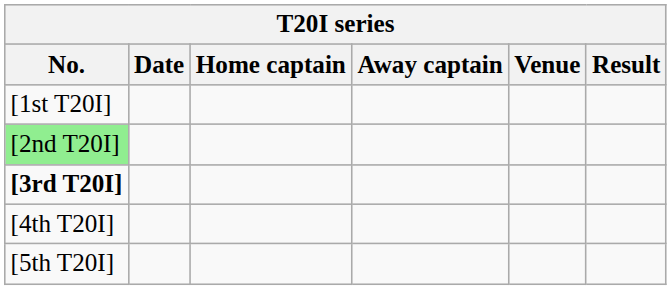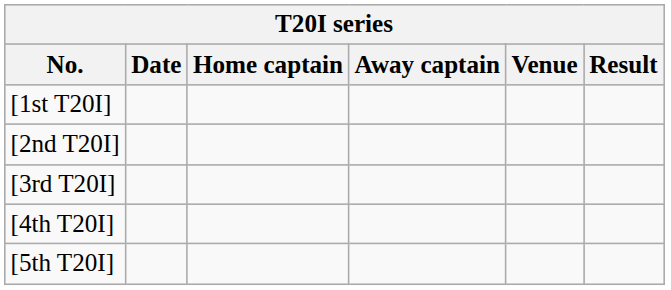 <table class="wikitable">
 <tr>
 <th colspan="9">T20I series</th>
 </tr>
 <tr>
 <th>No.</th>
 <th>Date</th>
 <th>Home captain</th>
 <th>Away captain</th>
 <th>Venue</th>
 <th>Result</th>
 </tr>
 <tr>
 <td>[1st T20I]</td>
 <td></td>
 <td></td>
 <td></td>
 <td></td>
 <td></td>
 </tr>
 <tr>
-<td style="background: lightgreen;">[2nd T20I]</td>
+<td>[2nd T20I]</td>
 <td></td>
 <td></td>
 <td></td>
 <td></td>
 <td></td>
 </tr>
 <tr>
-<td><strong>[3rd T20I]</strong></td>
+<td>[3rd T20I]</td>
 <td></td>
 <td></td>
 <td></td>
 <td></td>
 <td></td>
 </tr>
 <tr>
 <td>[4th T20I]</td>
 <td></td>
 <td></td>
 <td></td>
 <td></td>
 <td></td>
 </tr>
 <tr>
 <td>[5th T20I]</td>
 <td></td>
 <td></td>
 <td></td>
 <td></td>
 <td></td>
 </tr>
 </table>
